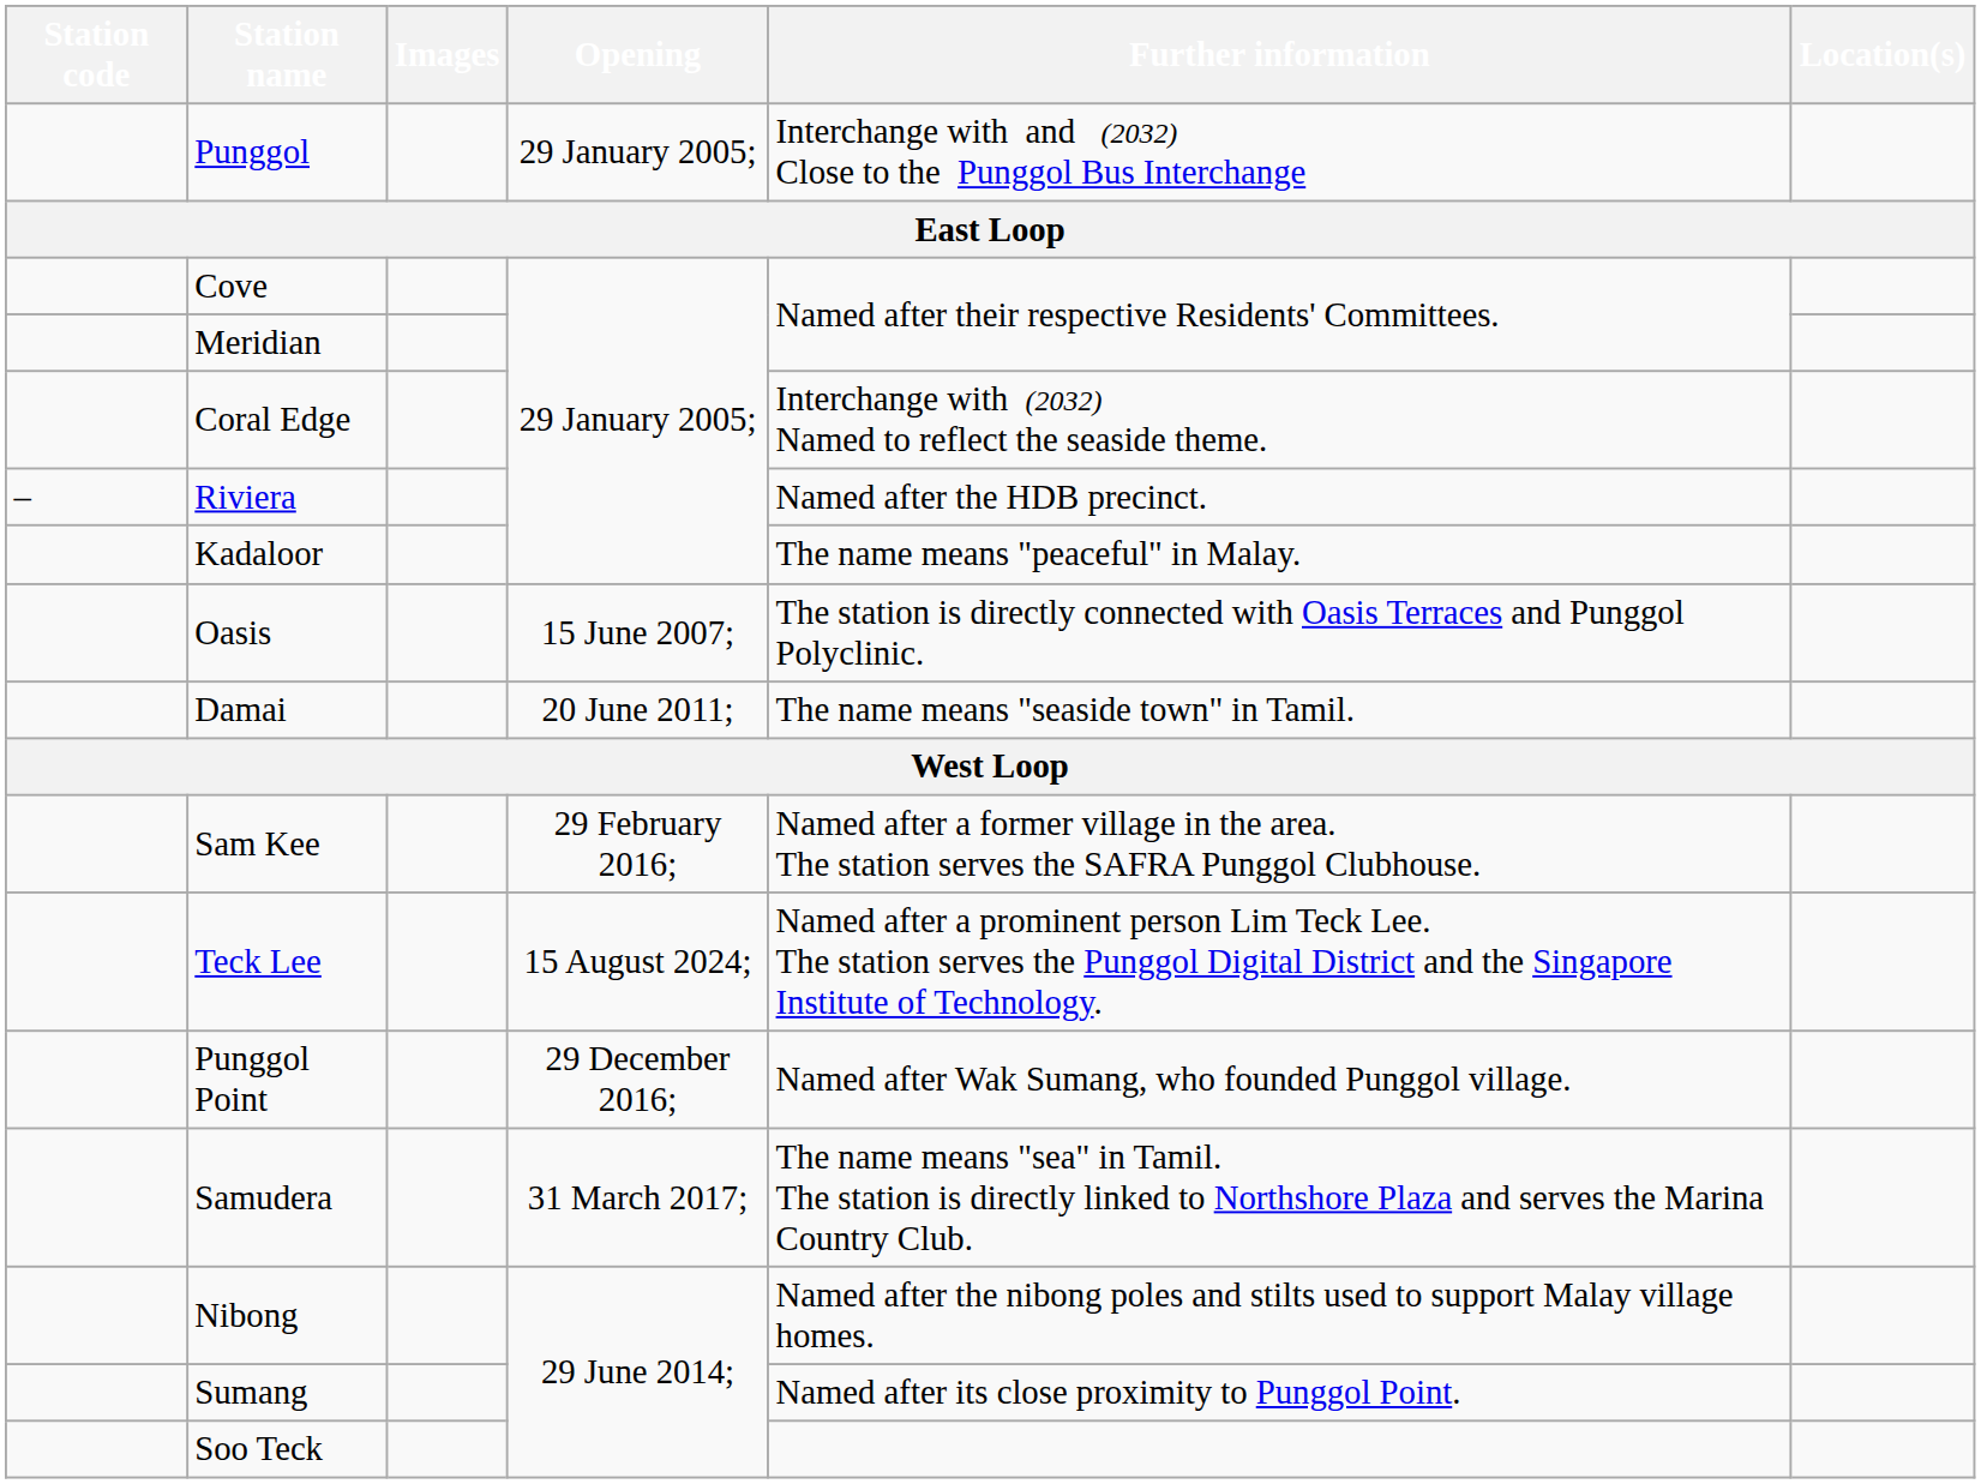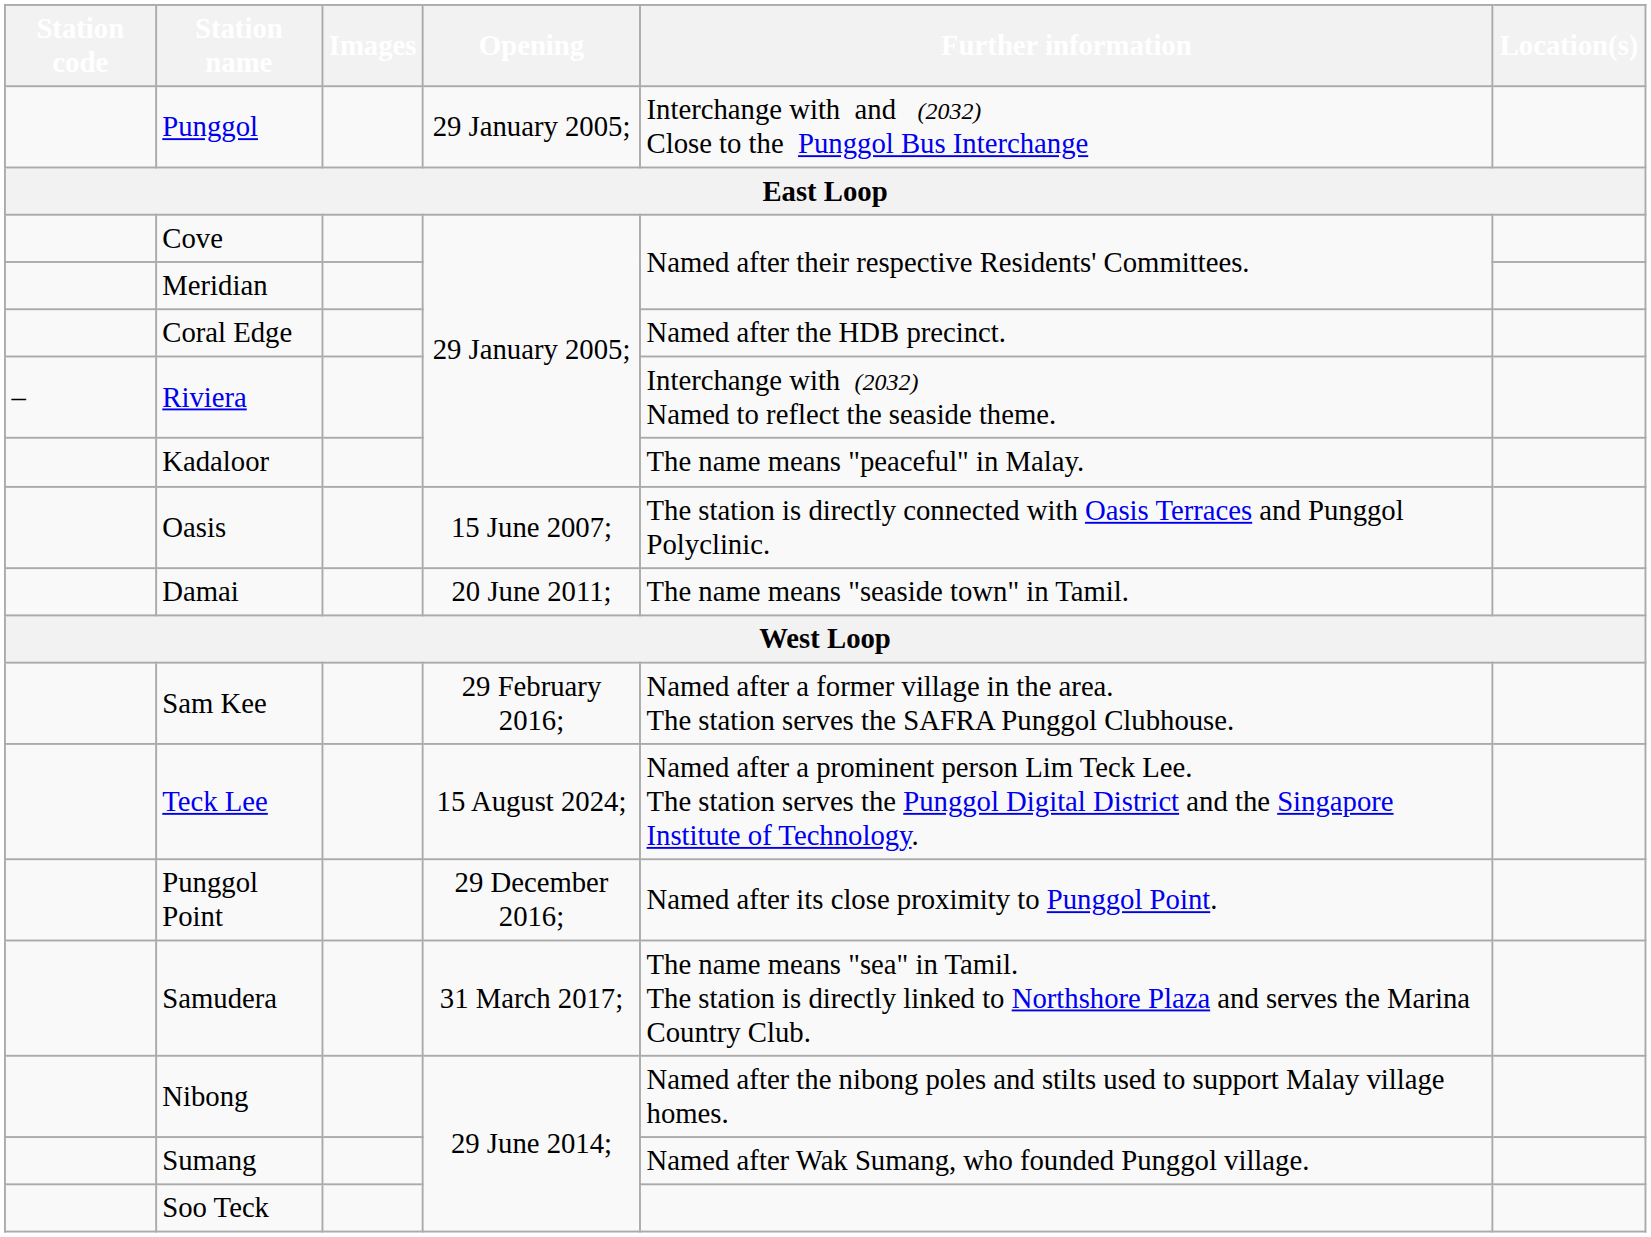 <table class="wikitable" style="color:black;border-collapse:collapse;font-size:95%">
 <tr>
 <th scope="col" style="color:white;background:#">Station code</th>
 <th scope="col" style="color:white;background:#">Station name</th>
 <th scope="col" style="color:white;background:#">Images</th>
 <th scope="col" style="color:white;background:#">Opening</th>
 <th scope="col" style="color:white;background:#">Further information</th>
 <th scope="col" style="color:white;background:#">Location(s)</th>
 </tr>
 <tr>
 <td></td>
 <td><a href='#'>Punggol</a></td>
 <td></td>
 <td align="center">29 January 2005; <br> </td>
 <td>Interchange with  and   <small><em>(2032)</em></small> <br>Close to the  <a href='#'>Punggol Bus Interchange</a></td>
 <td></td>
 </tr>
 <tr>
 <th colspan="6">East Loop</th>
 </tr>
 <tr>
 <td></td>
 <td>Cove</td>
 <td></td>
 <td rowspan="5" align="center">29 January 2005; <br> </td>
 <td rowspan="2">Named after their respective Residents' Committees.</td>
 <td></td>
 </tr>
 <tr>
 <td></td>
 <td>Meridian</td>
 <td></td>
 <td></td>
 </tr>
 <tr>
 <td></td>
 <td>Coral Edge</td>
 <td></td>
-<td>Interchange with  <small><em>(2032)</em></small> <br> Named to reflect the seaside theme.</td>
+<td>Named after the HDB precinct.</td>
 <td></td>
 </tr>
 <tr>
 <td>–</td>
 <td><a href='#'>Riviera</a></td>
 <td></td>
-<td>Named after the HDB precinct.</td>
+<td>Interchange with  <small><em>(2032)</em></small> <br> Named to reflect the seaside theme.</td>
 <td></td>
 </tr>
 <tr>
 <td></td>
 <td>Kadaloor</td>
 <td></td>
 <td>The name means "peaceful" in Malay.</td>
 <td></td>
 </tr>
 <tr>
 <td></td>
 <td>Oasis</td>
 <td></td>
 <td align="center">15 June 2007; <br> </td>
 <td>The station is directly connected with <a href='#'>Oasis Terraces</a> and Punggol Polyclinic.</td>
 <td></td>
 </tr>
 <tr>
 <td></td>
 <td>Damai</td>
 <td></td>
 <td align="center">20 June 2011; <br> </td>
 <td>The name means "seaside town" in Tamil.</td>
 <td></td>
 </tr>
 <tr>
 <th colspan="6">West Loop</th>
 </tr>
 <tr>
 <td></td>
 <td>Sam Kee</td>
 <td></td>
 <td align="center">29 February 2016; <br> </td>
 <td>Named after a former village in the area.<br>The station serves the SAFRA Punggol Clubhouse.</td>
 <td></td>
 </tr>
 <tr>
 <td></td>
 <td><a href='#'>Teck Lee</a></td>
 <td></td>
 <td align="center">15 August 2024; <br> </td>
 <td>Named after a prominent person Lim Teck Lee.<br> The station serves the <a href='#'>Punggol Digital District</a> and the <a href='#'>Singapore Institute of Technology</a>.</td>
 <td></td>
 </tr>
 <tr>
 <td></td>
 <td>Punggol Point</td>
 <td></td>
 <td align="center">29 December 2016; <br> </td>
-<td>Named after Wak Sumang, who founded Punggol village.</td>
+<td>Named after its close proximity to <a href='#'>Punggol Point</a>.</td>
 <td></td>
 </tr>
 <tr>
 <td></td>
 <td>Samudera</td>
 <td></td>
 <td align="center">31 March 2017; <br> </td>
 <td>The name means "sea" in Tamil.<br>The station is directly linked to <a href='#'>Northshore Plaza</a> and serves the Marina Country Club.</td>
 <td></td>
 </tr>
 <tr>
 <td></td>
 <td>Nibong</td>
 <td></td>
 <td rowspan="3" align="center">29 June 2014; <br> </td>
 <td>Named after the nibong poles and stilts used to support Malay village homes.</td>
 <td></td>
 </tr>
 <tr>
 <td></td>
 <td>Sumang</td>
 <td></td>
-<td>Named after its close proximity to <a href='#'>Punggol Point</a>.</td>
+<td>Named after Wak Sumang, who founded Punggol village.</td>
 <td></td>
 </tr>
 <tr>
 <td></td>
 <td>Soo Teck</td>
 <td></td>
 <td></td>
 <td></td>
 </tr>
 </table>
